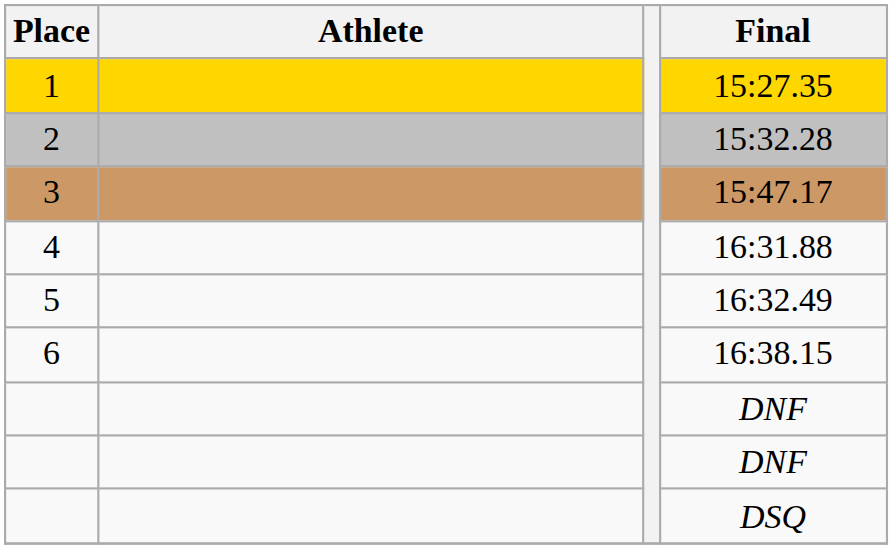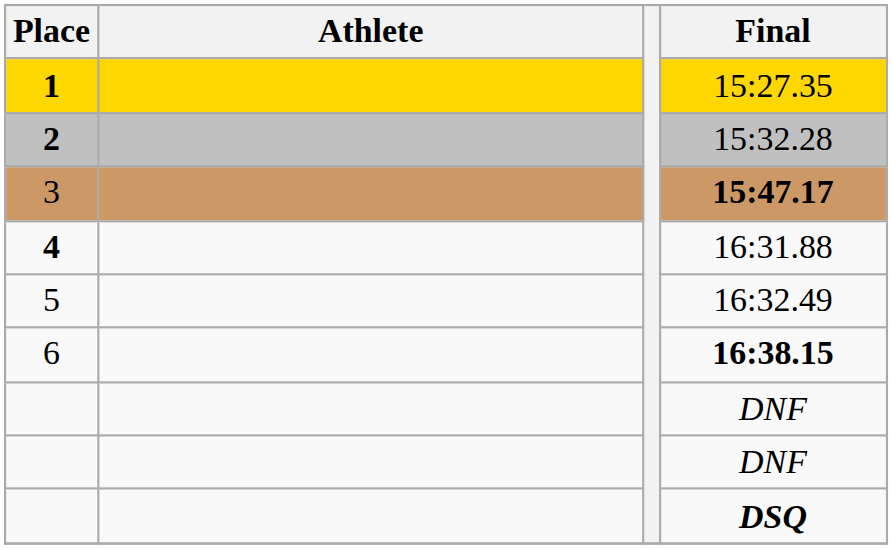 <table class="wikitable" style="text-align:center">
 <tr>
 <th>Place</th>
 <th width=250>Athlete</th>
 <th rowspan=10></th>
 <th width=100>Final</th>
 </tr>
 <tr bgcolor=gold>
-<td>1</td>
+<td><strong>1</strong></td>
 <td align=left></td>
 <td>15:27.35</td>
 </tr>
 <tr bgcolor=silver>
-<td>2</td>
+<td><strong>2</strong></td>
 <td align=left></td>
 <td>15:32.28</td>
 </tr>
 <tr bgcolor=cc9966>
 <td>3</td>
 <td align=left></td>
-<td>15:47.17</td>
+<td><strong>15:47.17</strong></td>
 </tr>
 <tr>
-<td>4</td>
+<td><strong>4</strong></td>
 <td align=left></td>
 <td>16:31.88</td>
 </tr>
 <tr>
 <td>5</td>
 <td align=left></td>
 <td>16:32.49</td>
 </tr>
 <tr>
 <td>6</td>
 <td align=left></td>
-<td>16:38.15</td>
+<td><strong>16:38.15</strong></td>
 </tr>
 <tr>
 <td></td>
 <td align=left></td>
 <td><em>DNF</em></td>
 </tr>
 <tr>
 <td></td>
 <td align=left></td>
 <td><em>DNF</em></td>
 </tr>
 <tr>
 <td></td>
 <td align=left></td>
-<td><em>DSQ</em></td>
+<td><strong><em>DSQ</em></strong></td>
 </tr>
 <tr>
 </tr>
 </table>
